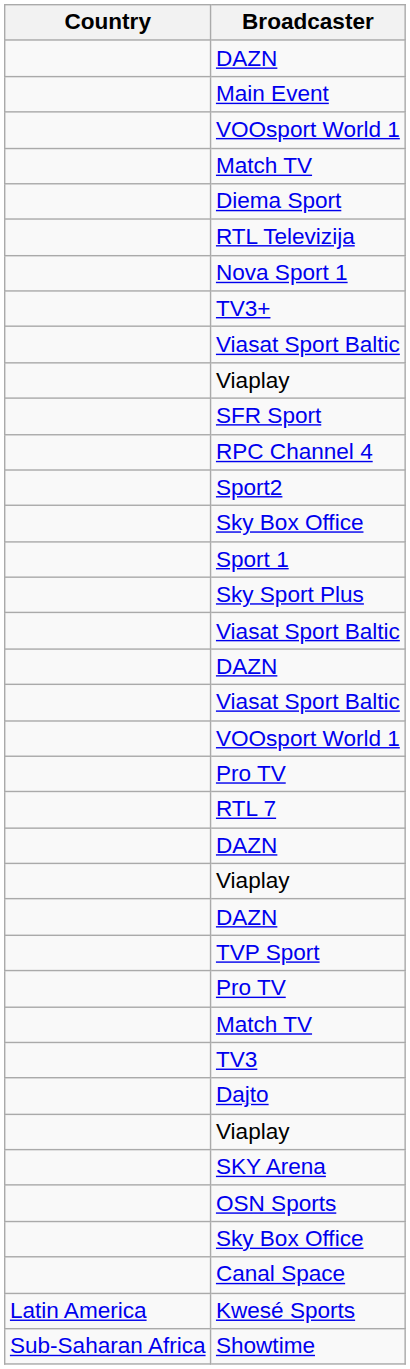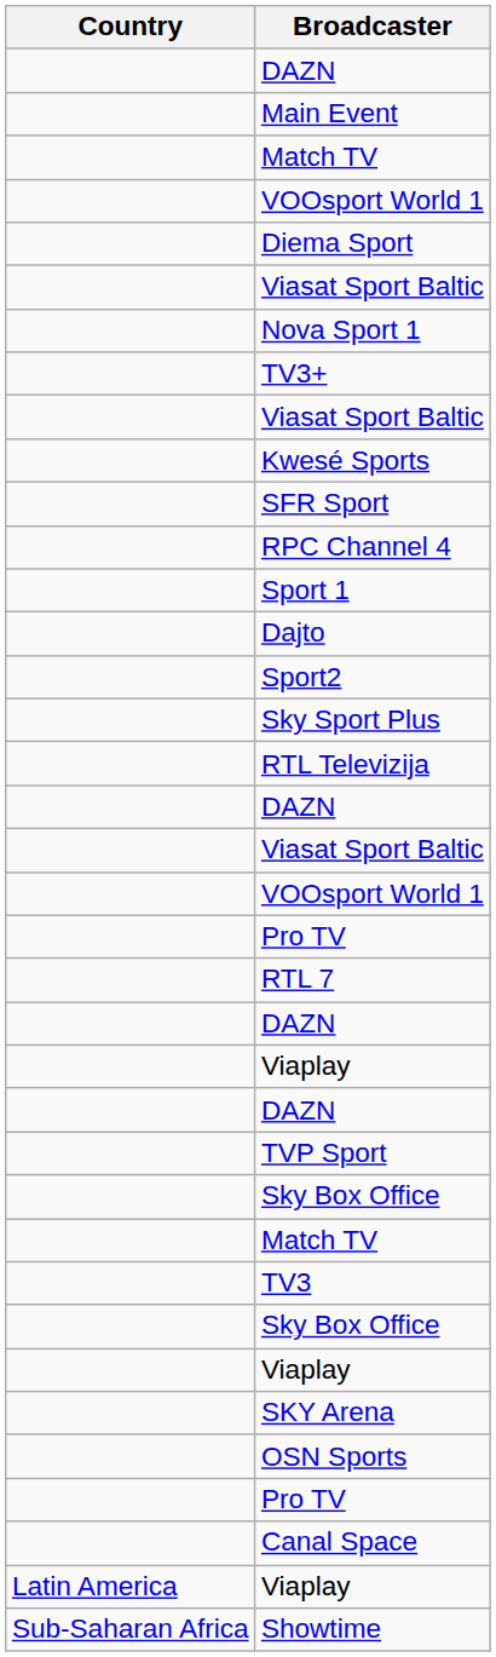 <table class="wikitable">
 <tr>
 <th align=center>Country</th>
 <th align=center>Broadcaster</th>
 </tr>
 <tr>
 <td></td>
 <td><a href='#'>DAZN</a></td>
 </tr>
 <tr>
 <td></td>
 <td><a href='#'>Main Event</a></td>
 </tr>
 <tr>
 <td></td>
-<td><a href='#'>VOOsport World 1</a></td>
+<td><a href='#'>Match TV</a></td>
 </tr>
 <tr>
 <td></td>
-<td><a href='#'>Match TV</a></td>
+<td><a href='#'>VOOsport World 1</a></td>
 </tr>
 <tr>
 <td></td>
 <td><a href='#'>Diema Sport</a></td>
 </tr>
 <tr>
 <td></td>
-<td><a href='#'>RTL Televizija</a></td>
+<td><a href='#'>Viasat Sport Baltic</a></td>
 </tr>
 <tr>
 <td></td>
 <td><a href='#'>Nova Sport 1</a></td>
 </tr>
 <tr>
 <td></td>
 <td><a href='#'>TV3+</a></td>
 </tr>
 <tr>
 <td></td>
 <td><a href='#'>Viasat Sport Baltic</a></td>
 </tr>
 <tr>
 <td></td>
-<td>Viaplay</td>
+<td><a href='#'>Kwesé Sports</a></td>
 </tr>
 <tr>
 <td></td>
 <td><a href='#'>SFR Sport</a></td>
 </tr>
 <tr>
 <td></td>
 <td><a href='#'>RPC Channel 4</a></td>
 </tr>
 <tr>
 <td></td>
-<td><a href='#'>Sport2</a></td>
+<td><a href='#'>Sport 1</a></td>
 </tr>
 <tr>
 <td></td>
-<td><a href='#'>Sky Box Office</a></td>
+<td><a href='#'>Dajto</a></td>
 </tr>
 <tr>
 <td></td>
-<td><a href='#'>Sport 1</a></td>
+<td><a href='#'>Sport2</a></td>
 </tr>
 <tr>
 <td></td>
 <td><a href='#'>Sky Sport Plus</a></td>
 </tr>
 <tr>
 <td></td>
-<td><a href='#'>Viasat Sport Baltic</a></td>
+<td><a href='#'>RTL Televizija</a></td>
 </tr>
 <tr>
 <td></td>
 <td><a href='#'>DAZN</a></td>
 </tr>
 <tr>
 <td></td>
 <td><a href='#'>Viasat Sport Baltic</a></td>
 </tr>
 <tr>
 <td></td>
 <td><a href='#'>VOOsport World 1</a></td>
 </tr>
 <tr>
 <td></td>
 <td><a href='#'>Pro TV</a></td>
 </tr>
 <tr>
 <td></td>
 <td><a href='#'>RTL 7</a></td>
 </tr>
 <tr>
 <td></td>
 <td><a href='#'>DAZN</a></td>
 </tr>
 <tr>
 <td></td>
 <td>Viaplay</td>
 </tr>
 <tr>
 <td></td>
 <td><a href='#'>DAZN</a></td>
 </tr>
 <tr>
 <td></td>
 <td><a href='#'>TVP Sport</a></td>
 </tr>
 <tr>
 <td></td>
-<td><a href='#'>Pro TV</a></td>
+<td><a href='#'>Sky Box Office</a></td>
 </tr>
 <tr>
 <td></td>
 <td><a href='#'>Match TV</a></td>
 </tr>
 <tr>
 <td></td>
 <td><a href='#'>TV3</a></td>
 </tr>
 <tr>
 <td></td>
-<td><a href='#'>Dajto</a></td>
+<td><a href='#'>Sky Box Office</a></td>
 </tr>
 <tr>
 <td></td>
 <td>Viaplay</td>
 </tr>
 <tr>
 <td></td>
 <td><a href='#'>SKY Arena</a></td>
 </tr>
 <tr>
 <td></td>
 <td><a href='#'>OSN Sports</a></td>
 </tr>
 <tr>
 <td></td>
-<td><a href='#'>Sky Box Office</a></td>
+<td><a href='#'>Pro TV</a></td>
 </tr>
 <tr>
 <td></td>
 <td><a href='#'>Canal Space</a></td>
 </tr>
 <tr>
 <td><a href='#'>Latin America</a></td>
-<td><a href='#'>Kwesé Sports</a></td>
+<td>Viaplay</td>
 </tr>
 <tr>
 <td><a href='#'>Sub-Saharan Africa</a></td>
 <td><a href='#'>Showtime</a></td>
 </tr>
 </table>
